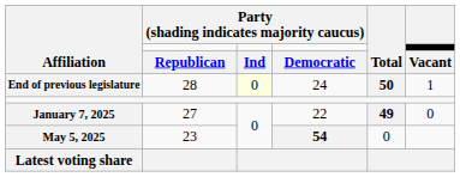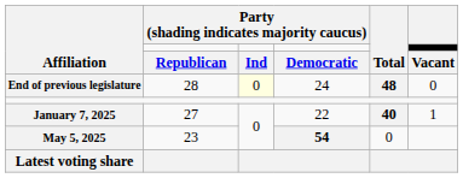 <table class="wikitable mw-collapsible" style="text-align:center">
 <tr style="vertical-align:bottom;">
 <th rowspan=3>Affiliation</th>
 <th colspan=3>Party <div>(shading indicates majority caucus)</div></th>
 <th rowspan=3>Total</th>
 <th></th>
 </tr>
 <tr style="height:5px">
 <td style="background-color:"></td>
 <td style="background-color:"></td>
 <td style="background-color:"></td>
 <td style="background: black"></td>
 </tr>
 <tr>
 <th><a href='#'>Republican</a></th>
 <th><a href='#'>Ind</a></th>
 <th><a href='#'>Democratic</a></th>
 <th>Vacant</th>
 </tr>
 <tr>
 <th nowrap="" style="font-size:80%">End of previous legislature</th>
 <td>28</td>
 <td style="background: lightyellow;">0</td>
 <td>24</td>
-<th>50</th>
-<td>1</td>
+<th>48</th>
+<td>0</td>
 </tr>
 <tr>
 <td colspan="6"></td>
 </tr>
 <tr>
 <th><small>January 7, 2025</small></th>
 <td>27</td>
 <td rowspan=2>0</td>
 <td>22</td>
-<th>49</th>
-<td>0</td>
+<th>40</th>
+<td>1</td>
 </tr>
 <tr>
 <th><small>May 5, 2025</small></th>
 <td>23</td>
 <th>54</th>
 <td>0</td>
 </tr>
 <tr>
 <th>Latest voting share</th>
 <th></th>
 <th colspan=2></th>
 <th colspan="2"></th>
 </tr>
 </table>
